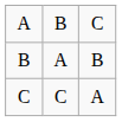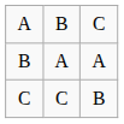 <table class="wikitable" style="margin-left:auto;margin-right:auto;text-align:center;width:6em;height:6em;table-layout:fixed;">
 <tr>
 <td>A</td>
 <td>B</td>
 <td>C</td>
 </tr>
 <tr>
 <td>B</td>
 <td>A</td>
-<td>B</td>
+<td>A</td>
 </tr>
 <tr>
 <td>C</td>
 <td>C</td>
-<td>A</td>
+<td>B</td>
 </tr>
 </table>
